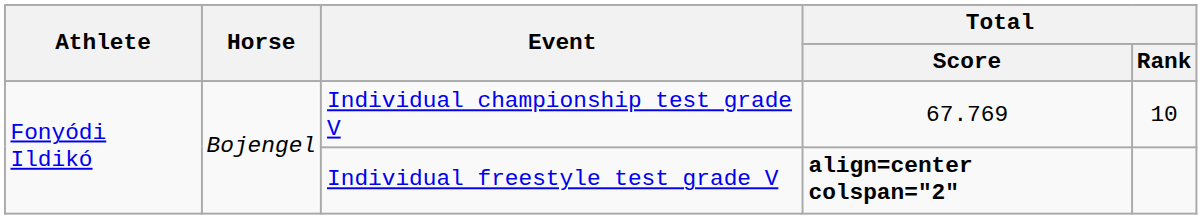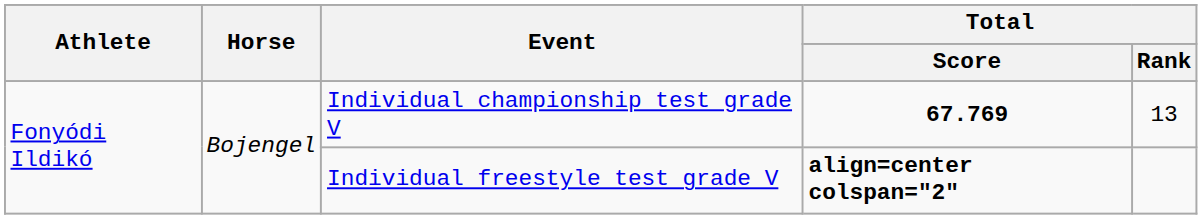 <table class=wikitable style="font-size:90%">
 <tr>
 <th rowspan="2">Athlete</th>
 <th rowspan="2">Horse</th>
 <th rowspan="2">Event</th>
 <th colspan="2">Total</th>
 </tr>
 <tr>
 <th>Score</th>
 <th>Rank</th>
 </tr>
 <tr>
 <td rowspan="2"><a href='#'>Fonyódi Ildikó</a></td>
 <td rowspan="2"><em>Bojengel</em></td>
 <td><a href='#'>Individual championship test grade V</a></td>
-<td align=center>67.769</td>
-<td align=center>10</td>
+<td align=center><strong>67.769</strong></td>
+<td align=center>13</td>
 </tr>
 <tr>
 <td><a href='#'>Individual freestyle test grade V</a></td>
 <td><strong>align=center colspan="2" </strong></td>
 </tr>
 </table>
